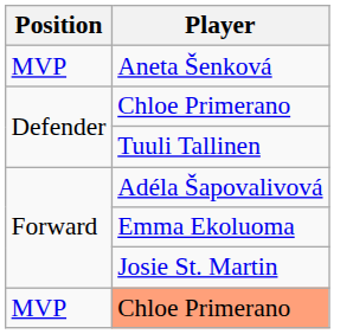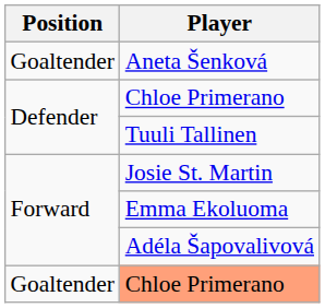 <table class="wikitable">
 <tr>
 <th>Position</th>
 <th>Player</th>
 </tr>
 <tr>
-<td><a href='#'>MVP</a></td>
+<td>Goaltender</td>
 <td> <a href='#'>Aneta Šenková</a></td>
 </tr>
 <tr>
 <td rowspan=2>Defender</td>
 <td> <a href='#'>Chloe Primerano</a></td>
 </tr>
 <tr>
 <td> <a href='#'>Tuuli Tallinen</a></td>
 </tr>
 <tr>
 <td rowspan=3>Forward</td>
-<td> <a href='#'>Adéla Šapovalivová</a></td>
+<td> <a href='#'>Josie St. Martin</a></td>
 </tr>
 <tr>
 <td> <a href='#'>Emma Ekoluoma</a></td>
 </tr>
 <tr>
-<td> <a href='#'>Josie St. Martin</a></td>
+<td> <a href='#'>Adéla Šapovalivová</a></td>
 </tr>
 <tr>
-<td><a href='#'>MVP</a></td>
+<td>Goaltender</td>
 <td style="background: lightsalmon;"> Chloe Primerano</td>
 </tr>
 </table>
